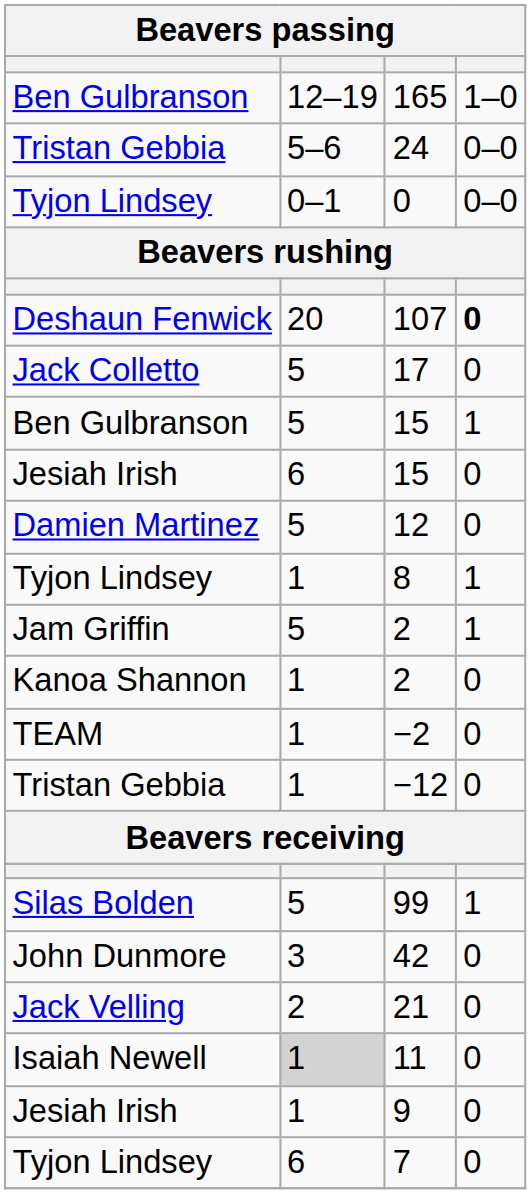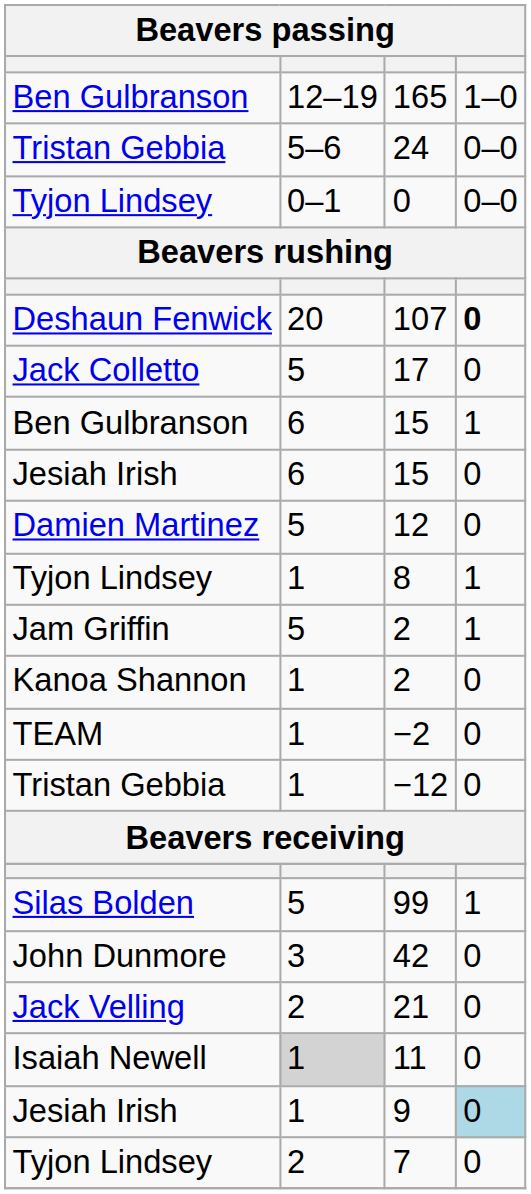 <table class="wikitable plainrowheaders">
 <tr>
 <th colspan="6">Beavers passing</th>
 </tr>
 <tr>
 <th scope="col"></th>
 <th scope="col"></th>
 <th scope="col"></th>
 <th scope="col"></th>
 </tr>
 <tr>
 <td><a href='#'>Ben Gulbranson</a></td>
 <td>12–19</td>
 <td>165</td>
 <td>1–0</td>
 </tr>
 <tr>
 <td><a href='#'>Tristan Gebbia</a></td>
 <td>5–6</td>
 <td>24</td>
 <td>0–0</td>
 </tr>
 <tr>
 <td><a href='#'>Tyjon Lindsey</a></td>
 <td>0–1</td>
 <td>0</td>
 <td>0–0</td>
 </tr>
 <tr>
 <th colspan="6">Beavers rushing</th>
 </tr>
 <tr>
 <th scope="col"></th>
 <th scope="col"></th>
 <th scope="col"></th>
 <th scope="col"></th>
 </tr>
 <tr>
 <td><a href='#'>Deshaun Fenwick</a></td>
 <td>20</td>
 <td>107</td>
 <td><strong>0</strong></td>
 </tr>
 <tr>
 <td><a href='#'>Jack Colletto</a></td>
 <td>5</td>
 <td>17</td>
 <td>0</td>
 </tr>
 <tr>
 <td>Ben Gulbranson</td>
-<td>5</td>
+<td>6</td>
 <td>15</td>
 <td>1</td>
 </tr>
 <tr>
 <td>Jesiah Irish</td>
 <td>6</td>
 <td>15</td>
 <td>0</td>
 </tr>
 <tr>
 <td><a href='#'>Damien Martinez</a></td>
 <td>5</td>
 <td>12</td>
 <td>0</td>
 </tr>
 <tr>
 <td>Tyjon Lindsey</td>
 <td>1</td>
 <td>8</td>
 <td>1</td>
 </tr>
 <tr>
 <td>Jam Griffin</td>
 <td>5</td>
 <td>2</td>
 <td>1</td>
 </tr>
 <tr>
 <td>Kanoa Shannon</td>
 <td>1</td>
 <td>2</td>
 <td>0</td>
 </tr>
 <tr>
 <td>TEAM</td>
 <td>1</td>
 <td>−2</td>
 <td>0</td>
 </tr>
 <tr>
 <td>Tristan Gebbia</td>
 <td>1</td>
 <td>−12</td>
 <td>0</td>
 </tr>
 <tr>
 <th colspan="6">Beavers receiving</th>
 </tr>
 <tr>
 </tr>
 <tr>
 <th scope="col"></th>
 <th scope="col"></th>
 <th scope="col"></th>
 <th scope="col"></th>
 </tr>
 <tr>
 <td><a href='#'>Silas Bolden</a></td>
 <td>5</td>
 <td>99</td>
 <td>1</td>
 </tr>
 <tr>
 <td>John Dunmore</td>
 <td>3</td>
 <td>42</td>
 <td>0</td>
 </tr>
 <tr>
 <td><a href='#'>Jack Velling</a></td>
 <td>2</td>
 <td>21</td>
 <td>0</td>
 </tr>
 <tr>
 <td>Isaiah Newell</td>
 <td style="background: lightgrey;">1</td>
 <td>11</td>
 <td>0</td>
 </tr>
 <tr>
 <td>Jesiah Irish</td>
 <td>1</td>
 <td>9</td>
-<td>0</td>
+<td style="background: lightblue;">0</td>
 </tr>
 <tr>
 <td>Tyjon Lindsey</td>
-<td>6</td>
+<td>2</td>
 <td>7</td>
 <td>0</td>
 </tr>
 <tr>
 </tr>
 </table>
